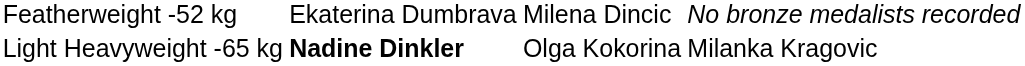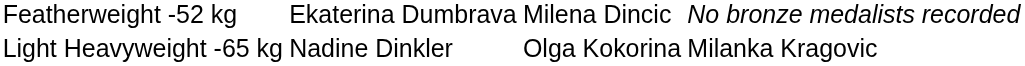 <table>
 <tr>
 <td>Featherweight -52 kg<br></td>
 <td>Ekaterina Dumbrava </td>
 <td>Milena Dincic </td>
 <td><em>No bronze medalists recorded</em></td>
 </tr>
 <tr>
 <td>Light Heavyweight -65 kg<br></td>
-<td><strong>Nadine Dinkler </strong></td>
+<td>Nadine Dinkler </td>
 <td>Olga Kokorina </td>
 <td>Milanka Kragovic </td>
 </tr>
 <tr>
 </tr>
 <tr>
 </tr>
 </table>
